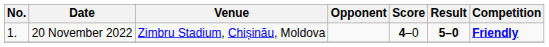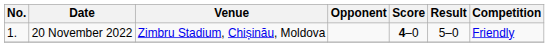 <table class="wikitable sortable">
 <tr>
 <th>No.</th>
 <th>Date</th>
 <th>Venue</th>
 <th>Opponent</th>
 <th>Score</th>
 <th>Result</th>
 <th>Competition</th>
 </tr>
 <tr>
 <td>1.</td>
 <td>20 November 2022</td>
 <td><a href='#'>Zimbru Stadium</a>, <a href='#'>Chișinău</a>, Moldova</td>
 <td></td>
 <td align=center><strong>4</strong>–0</td>
-<td align=center><strong>5–0</strong></td>
-<td><strong><a href='#'>Friendly</a></strong></td>
+<td align=center>5–0</td>
+<td><a href='#'>Friendly</a></td>
 </tr>
 <tr>
 </tr>
 </table>
